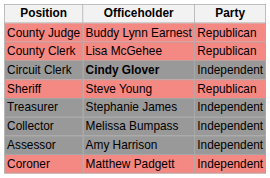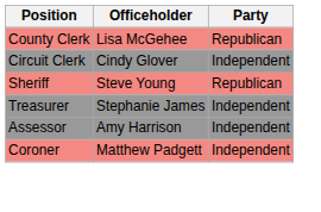 <table class="wikitable">
 <tr>
 <th>Position</th>
 <th>Officeholder</th>
 <th>Party</th>
-</tr>
-<tr style="background-color:#F48882;">
-<td>County Judge</td>
-<td>Buddy Lynn Earnest</td>
-<td>Republican</td>
 </tr>
 <tr style="background-color:#F48882;">
 <td>County Clerk</td>
 <td>Lisa McGehee</td>
 <td>Republican</td>
 </tr>
 <tr style="background-color:#999999;">
 <td>Circuit Clerk</td>
-<td><strong>Cindy Glover</strong></td>
+<td>Cindy Glover</td>
 <td>Independent</td>
 </tr>
 <tr style="background-color:#F48882;">
 <td>Sheriff</td>
 <td>Steve Young</td>
 <td>Republican</td>
 </tr>
 <tr style="background-color:#999999;">
 <td>Treasurer</td>
 <td>Stephanie James</td>
 <td>Independent</td>
 </tr>
 <tr style="background-color:#999999;">
-<td>Collector</td>
-<td>Melissa Bumpass</td>
-<td>Independent</td>
-</tr>
-<tr style="background-color:#999999;">
 <td>Assessor</td>
 <td>Amy Harrison</td>
 <td>Independent</td>
 </tr>
 <tr style="background-color:#F48882;">
 <td>Coroner</td>
 <td>Matthew Padgett</td>
 <td>Independent</td>
 </tr>
 </table>
